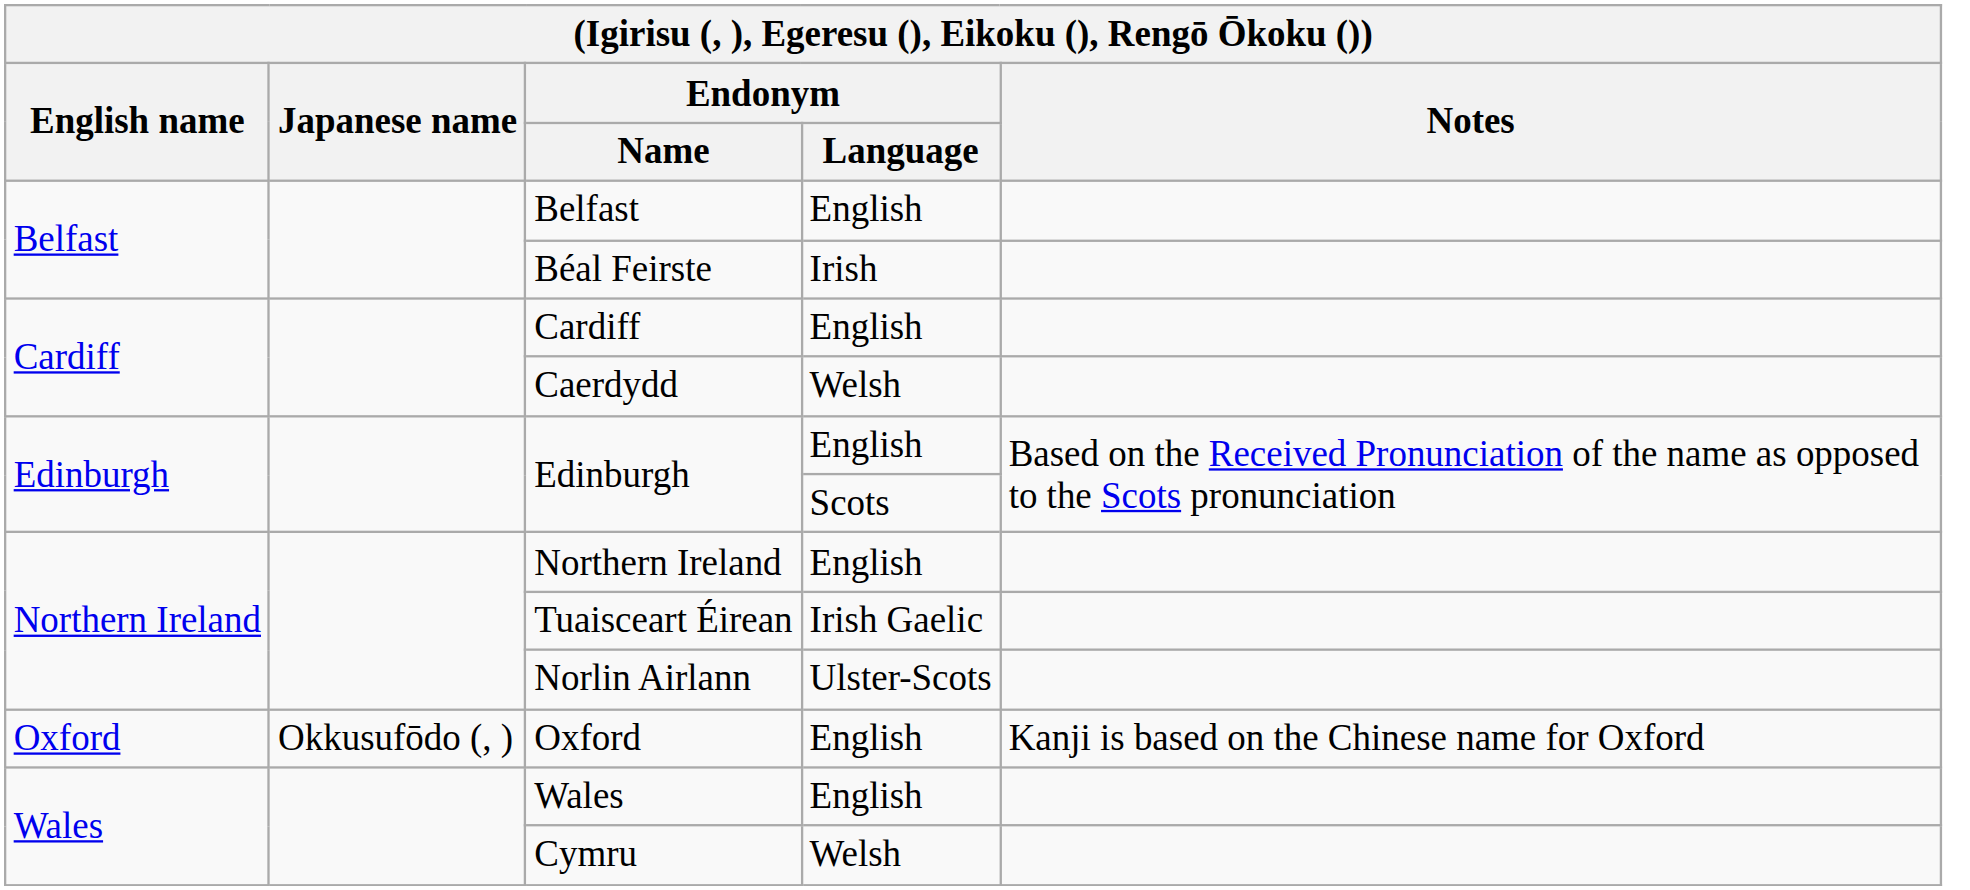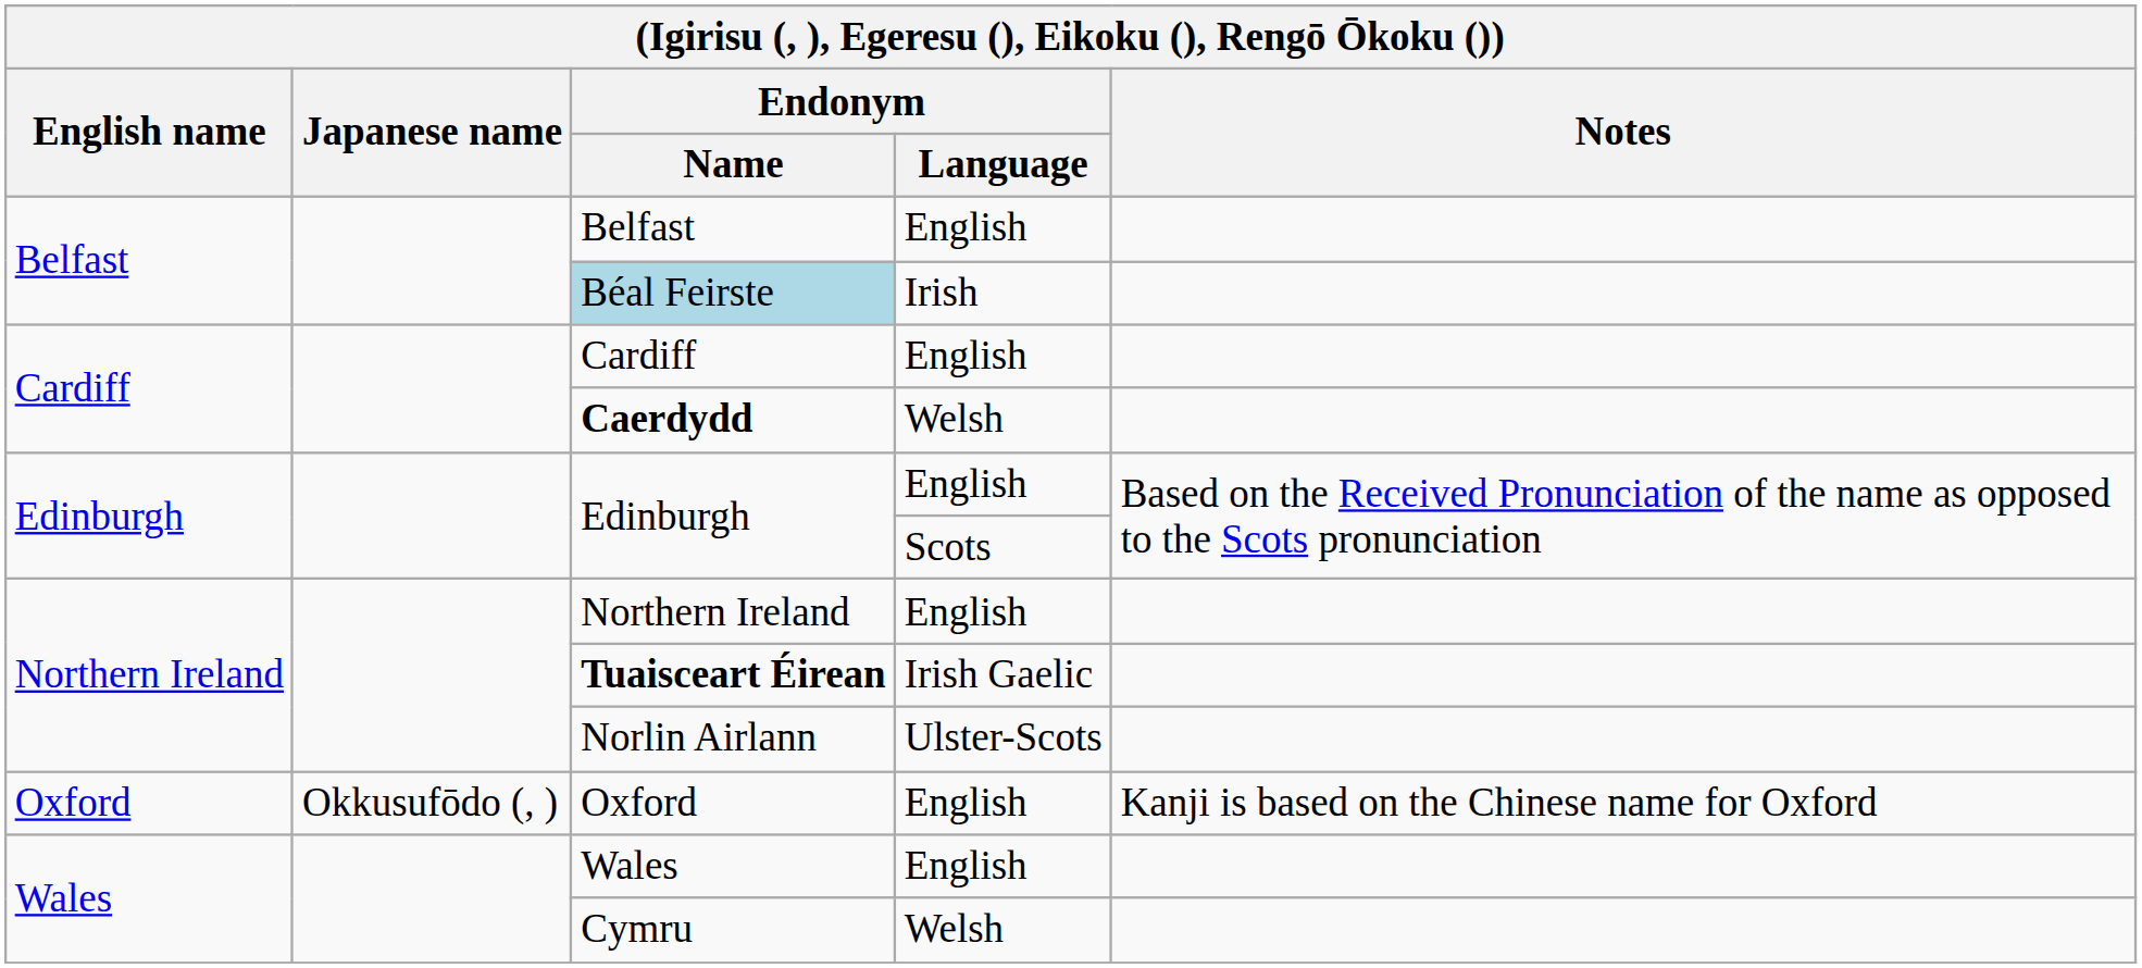 <table class="wikitable sortable">
 <tr>
 <th colspan="5"> (Igirisu (, ), Egeresu (), Eikoku (), Rengō Ōkoku ())</th>
 </tr>
 <tr>
 <th rowspan="2">English name</th>
 <th rowspan="2">Japanese name</th>
 <th colspan="2">Endonym</th>
 <th width=400pt rowspan="2">Notes</th>
 </tr>
 <tr>
 <th>Name</th>
 <th>Language</th>
 </tr>
 <tr>
 <td rowspan="2"><a href='#'>Belfast</a></td>
 <td rowspan="2"></td>
 <td>Belfast</td>
 <td>English</td>
 <td></td>
 </tr>
 <tr>
-<td>Béal Feirste</td>
+<td style="background: lightblue;">Béal Feirste</td>
 <td>Irish</td>
 <td></td>
 </tr>
 <tr>
 <td rowspan="2"><a href='#'>Cardiff</a></td>
 <td rowspan="2"></td>
 <td>Cardiff</td>
 <td>English</td>
 <td></td>
 </tr>
 <tr>
-<td>Caerdydd</td>
+<td><strong>Caerdydd</strong></td>
 <td>Welsh</td>
 <td></td>
 </tr>
 <tr>
 <td rowspan="2"><a href='#'>Edinburgh</a></td>
 <td rowspan="2"><br></td>
 <td rowspan="2">Edinburgh</td>
 <td>English</td>
 <td rowspan="2">Based on the <a href='#'>Received Pronunciation</a> of the name as opposed to the <a href='#'>Scots</a> pronunciation</td>
 </tr>
 <tr>
 <td>Scots</td>
 </tr>
 <tr>
 <td rowspan="3"><a href='#'>Northern Ireland</a></td>
 <td rowspan="3"></td>
 <td>Northern Ireland</td>
 <td>English</td>
 <td></td>
 </tr>
 <tr>
-<td>Tuaisceart Éirean</td>
+<td><strong>Tuaisceart Éirean</strong></td>
 <td>Irish Gaelic</td>
 <td></td>
 </tr>
 <tr>
 <td>Norlin Airlann</td>
 <td>Ulster-Scots</td>
 <td></td>
 </tr>
 <tr>
 <td><a href='#'>Oxford</a></td>
 <td>Okkusufōdo (, )</td>
 <td>Oxford</td>
 <td>English</td>
 <td>Kanji  is based on the Chinese name for Oxford</td>
 </tr>
 <tr>
 <td rowspan=2><a href='#'>Wales</a></td>
 <td rowspan=2></td>
 <td>Wales</td>
 <td>English</td>
 <td></td>
 </tr>
 <tr>
 <td>Cymru</td>
 <td>Welsh</td>
 </tr>
 </table>
